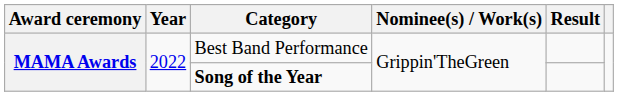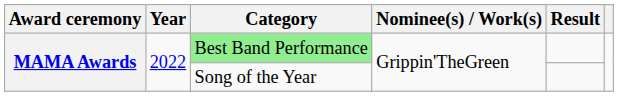 <table class="wikitable plainrowheaders">
 <tr>
 <th scope="col">Award ceremony</th>
 <th scope="col">Year</th>
 <th scope="col">Category</th>
 <th scope="col">Nominee(s) / Work(s)</th>
 <th scope="col">Result</th>
 <th scope="col" class="unsortable"></th>
 </tr>
 <tr>
 <th scope="row" rowspan="2"><a href='#'>MAMA Awards</a></th>
 <td style="text-align:center" rowspan="2"><a href='#'>2022</a></td>
-<td>Best Band Performance</td>
+<td style="background: lightgreen;">Best Band Performance</td>
 <td rowspan="2" scope="row">Grippin'TheGreen</td>
 <td></td>
 <td rowspan="2"></td>
 </tr>
 <tr>
-<td><strong>Song of the Year</strong></td>
+<td>Song of the Year</td>
 <td></td>
 </tr>
 </table>
